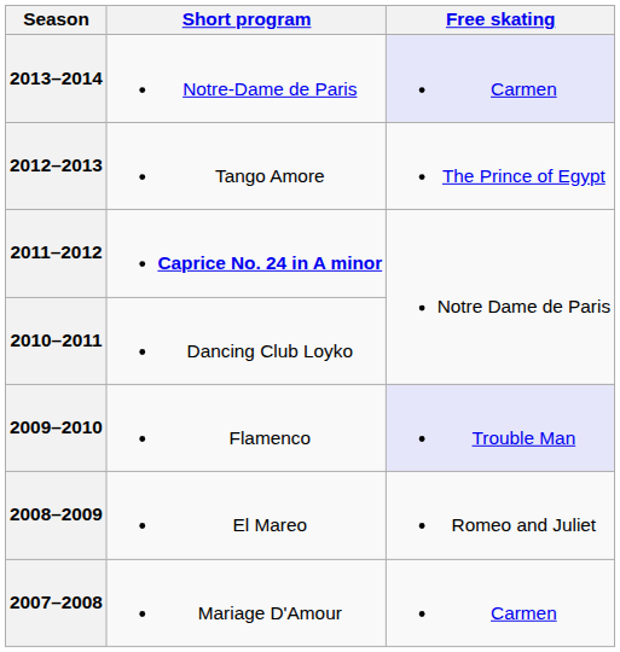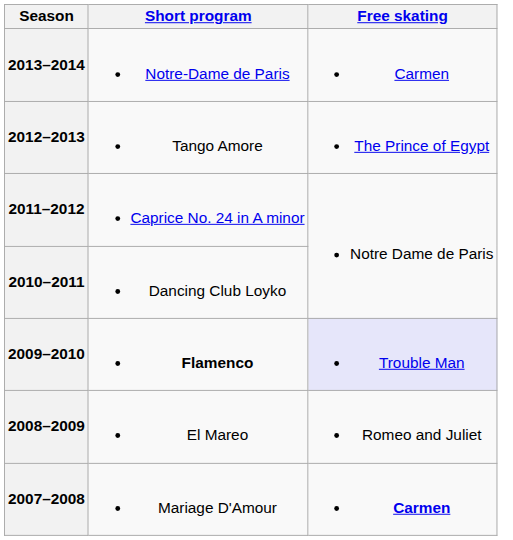 <table class="wikitable" style="text-align:center">
 <tr>
 <th>Season</th>
 <th><a href='#'>Short program</a></th>
 <th><a href='#'>Free skating</a></th>
 </tr>
 <tr>
 <th>2013–2014 <br> </th>
 <td><br><ul><li><a href='#'>Notre-Dame de Paris</a> <br></li></ul></td>
-<td style="background: lavender;"><br><ul><li><a href='#'>Carmen</a> <br></li></ul></td>
+<td><br><ul><li><a href='#'>Carmen</a> <br></li></ul></td>
 </tr>
 <tr>
 <th>2012–2013 <br> </th>
 <td><br><ul><li>Tango Amore <br></li></ul></td>
 <td><br><ul><li><a href='#'>The Prince of Egypt</a> <br></li></ul></td>
 </tr>
 <tr>
 <th>2011–2012 <br> </th>
-<td><strong><br><ul><li><a href='#'>Caprice No. 24 in A minor</a> <br></li></ul></strong></td>
+<td><br><ul><li><a href='#'>Caprice No. 24 in A minor</a> <br></li></ul></td>
 <td rowspan="2"><br><ul><li>Notre Dame de Paris <br></li></ul></td>
 </tr>
 <tr>
 <th>2010–2011 <br> </th>
 <td><br><ul><li>Dancing Club Loyko</li></ul></td>
 </tr>
 <tr>
 <th>2009–2010 <br> </th>
-<td><br><ul><li>Flamenco</li></ul></td>
+<td><strong><br><ul><li>Flamenco</li></ul></strong></td>
 <td style="background: lavender;"><br><ul><li><a href='#'>Trouble Man</a> <br></li></ul></td>
 </tr>
 <tr>
 <th>2008–2009 <br> </th>
 <td><br><ul><li>El Mareo <br></li></ul></td>
 <td><br><ul><li>Romeo and Juliet <br></li></ul></td>
 </tr>
 <tr>
 <th>2007–2008 <br> </th>
 <td><br><ul><li>Mariage D'Amour <br></li></ul></td>
-<td><br><ul><li><a href='#'>Carmen</a> <br></li></ul></td>
+<td><strong><br><ul><li><a href='#'>Carmen</a> <br></li></ul></strong></td>
 </tr>
 </table>
